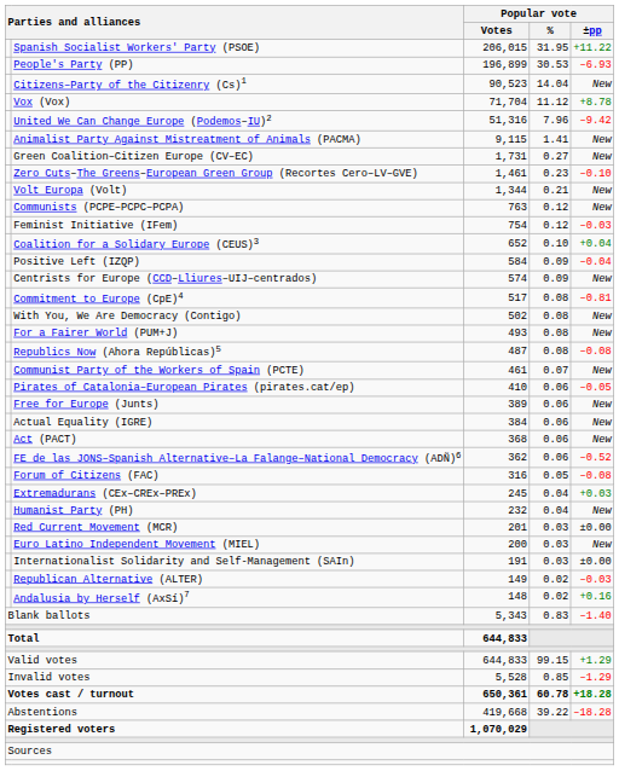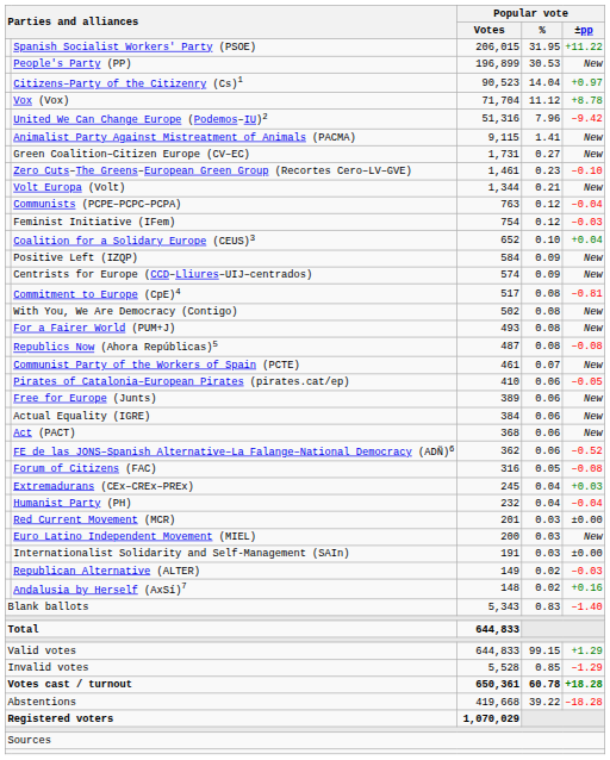 <table class="wikitable" style="text-align:right;">
 <tr>
 <th style="text-align:left;" rowspan="2" colspan="2" width="525">Parties and alliances</th>
 <th colspan="3">Popular vote</th>
 </tr>
 <tr>
 <th width="75">Votes</th>
 <th width="45">%</th>
 <th width="45">±<a href='#'>pp</a></th>
 </tr>
 <tr>
 <td width="1" style="color:inherit;background:"></td>
 <td align="left"><a href='#'>Spanish Socialist Workers' Party</a> (PSOE)</td>
 <td>206,015</td>
 <td>31.95</td>
 <td style="color:green;">+11.22</td>
 </tr>
 <tr>
 <td style="color:inherit;background:"></td>
 <td align="left"><a href='#'>People's Party</a> (PP)</td>
 <td>196,899</td>
 <td>30.53</td>
-<td style="color:red;">–6.93</td>
+<td><em>New</em></td>
 </tr>
 <tr>
 <td style="color:inherit;background:"></td>
 <td align="left"><a href='#'>Citizens–Party of the Citizenry</a> (Cs)<sup>1</sup></td>
 <td>90,523</td>
 <td>14.04</td>
-<td><em>New</em></td>
+<td style="color:green;">+0.97</td>
 </tr>
 <tr>
 <td style="color:inherit;background:"></td>
 <td align="left"><a href='#'>Vox</a> (Vox)</td>
 <td>71,704</td>
 <td>11.12</td>
 <td style="color:green;">+8.78</td>
 </tr>
 <tr>
 <td style="color:inherit;background:"></td>
 <td align="left"><a href='#'>United We Can Change Europe</a> (<a href='#'>Podemos</a>–<a href='#'>IU</a>)<sup>2</sup></td>
 <td>51,316</td>
 <td>7.96</td>
 <td style="color:red;">–9.42</td>
 </tr>
 <tr>
 <td style="color:inherit;background:"></td>
 <td align="left"><a href='#'>Animalist Party Against Mistreatment of Animals</a> (PACMA)</td>
 <td>9,115</td>
 <td>1.41</td>
 <td><em>New</em></td>
 </tr>
 <tr>
 <td style="color:inherit;background:"></td>
 <td align="left">Green Coalition–Citizen Europe (CV–EC)</td>
 <td>1,731</td>
 <td>0.27</td>
 <td><em>New</em></td>
 </tr>
 <tr>
 <td style="color:inherit;background:"></td>
 <td align="left"><a href='#'>Zero Cuts</a>–<a href='#'>The Greens</a>–<a href='#'>European Green Group</a> (Recortes Cero–LV–GVE)</td>
 <td>1,461</td>
 <td>0.23</td>
 <td style="color:red;">–0.10</td>
 </tr>
 <tr>
 <td style="color:inherit;background:"></td>
 <td align="left"><a href='#'>Volt Europa</a> (Volt)</td>
 <td>1,344</td>
 <td>0.21</td>
 <td><em>New</em></td>
 </tr>
 <tr>
 <td style="color:inherit;background:"></td>
 <td align="left"><a href='#'>Communists</a> (PCPE–PCPC–PCPA)</td>
 <td>763</td>
 <td>0.12</td>
-<td><em>New</em></td>
+<td style="color:red;">–0.04</td>
 </tr>
 <tr>
 <td style="color:inherit;background:"></td>
 <td align="left">Feminist Initiative (IFem)</td>
 <td>754</td>
 <td>0.12</td>
 <td style="color:red;">–0.03</td>
 </tr>
 <tr>
 <td style="color:inherit;background:"></td>
 <td align="left"><a href='#'>Coalition for a Solidary Europe</a> (CEUS)<sup>3</sup></td>
 <td>652</td>
 <td>0.10</td>
 <td style="color:green;">+0.04</td>
 </tr>
 <tr>
 <td style="color:inherit;background:"></td>
 <td align="left">Positive Left (IZQP)</td>
 <td>584</td>
 <td>0.09</td>
-<td style="color:red;">–0.04</td>
+<td><em>New</em></td>
 </tr>
 <tr>
 <td style="color:inherit;background:"></td>
 <td align="left">Centrists for Europe (<a href='#'>CCD</a>–<a href='#'>Lliures</a>–UIJ–centrados)</td>
 <td>574</td>
 <td>0.09</td>
 <td><em>New</em></td>
 </tr>
 <tr>
 <td style="color:inherit;background:"></td>
 <td align="left"><a href='#'>Commitment to Europe</a> (CpE)<sup>4</sup></td>
 <td>517</td>
 <td>0.08</td>
 <td style="color:red;">–0.81</td>
 </tr>
 <tr>
 <td style="color:inherit;background:"></td>
 <td align="left">With You, We Are Democracy (Contigo)</td>
 <td>502</td>
 <td>0.08</td>
 <td><em>New</em></td>
 </tr>
 <tr>
 <td style="color:inherit;background:"></td>
 <td align="left"><a href='#'>For a Fairer World</a> (PUM+J)</td>
 <td>493</td>
 <td>0.08</td>
 <td><em>New</em></td>
 </tr>
 <tr>
 <td style="color:inherit;background:"></td>
 <td align="left"><a href='#'>Republics Now</a> (Ahora Repúblicas)<sup>5</sup></td>
 <td>487</td>
 <td>0.08</td>
 <td style="color:red;">–0.08</td>
 </tr>
 <tr>
 <td style="color:inherit;background:"></td>
 <td align="left"><a href='#'>Communist Party of the Workers of Spain</a> (PCTE)</td>
 <td>461</td>
 <td>0.07</td>
 <td><em>New</em></td>
 </tr>
 <tr>
 <td style="color:inherit;background:"></td>
 <td align="left"><a href='#'>Pirates of Catalonia–European Pirates</a> (pirates.cat/ep)</td>
 <td>410</td>
 <td>0.06</td>
 <td style="color:red;">–0.05</td>
 </tr>
 <tr>
 <td style="color:inherit;background:"></td>
 <td align="left"><a href='#'>Free for Europe</a> (Junts)</td>
 <td>389</td>
 <td>0.06</td>
 <td><em>New</em></td>
 </tr>
 <tr>
 <td style="color:inherit;background:"></td>
 <td align="left">Actual Equality (IGRE)</td>
 <td>384</td>
 <td>0.06</td>
 <td><em>New</em></td>
 </tr>
 <tr>
 <td style="color:inherit;background:"></td>
 <td align="left"><a href='#'>Act</a> (PACT)</td>
 <td>368</td>
 <td>0.06</td>
 <td><em>New</em></td>
 </tr>
 <tr>
 <td style="color:inherit;background:"></td>
 <td align="left"><a href='#'>FE de las JONS–Spanish Alternative–La Falange–National Democracy</a> (ADÑ)<sup>6</sup></td>
 <td>362</td>
 <td>0.06</td>
 <td style="color:red;">–0.52</td>
 </tr>
 <tr>
 <td style="color:inherit;background:"></td>
 <td align="left"><a href='#'>Forum of Citizens</a> (FAC)</td>
 <td>316</td>
 <td>0.05</td>
 <td style="color:red;">–0.08</td>
 </tr>
 <tr>
 <td style="color:inherit;background:"></td>
 <td align="left"><a href='#'>Extremadurans</a> (CEx–CREx–PREx)</td>
 <td>245</td>
 <td>0.04</td>
 <td style="color:green;">+0.03</td>
 </tr>
 <tr>
 <td style="color:inherit;background:"></td>
 <td align="left"><a href='#'>Humanist Party</a> (PH)</td>
 <td>232</td>
 <td>0.04</td>
-<td><em>New</em></td>
+<td style="color:red;">–0.04</td>
 </tr>
 <tr>
 <td style="color:inherit;background:"></td>
 <td align="left"><a href='#'>Red Current Movement</a> (MCR)</td>
 <td>201</td>
 <td>0.03</td>
 <td>±0.00</td>
 </tr>
 <tr>
 <td style="color:inherit;background:"></td>
 <td align="left"><a href='#'>Euro Latino Independent Movement</a> (MIEL)</td>
 <td>200</td>
 <td>0.03</td>
 <td><em>New</em></td>
 </tr>
 <tr>
 <td style="color:inherit;background:"></td>
 <td align="left">Internationalist Solidarity and Self-Management (SAIn)</td>
 <td>191</td>
 <td>0.03</td>
 <td>±0.00</td>
 </tr>
 <tr>
 <td style="color:inherit;background:"></td>
 <td align="left"><a href='#'>Republican Alternative</a> (ALTER)</td>
 <td>149</td>
 <td>0.02</td>
 <td style="color:red;">–0.03</td>
 </tr>
 <tr>
 <td style="color:inherit;background:"></td>
 <td align="left"><a href='#'>Andalusia by Herself</a> (AxSí)<sup>7</sup></td>
 <td>148</td>
 <td>0.02</td>
 <td style="color:green;">+0.16</td>
 </tr>
 <tr>
 <td align="left" colspan="2">Blank ballots</td>
 <td>5,343</td>
 <td>0.83</td>
 <td style="color:red;">–1.40</td>
 </tr>
 <tr>
 <td colspan="5" bgcolor="#E9E9E9"></td>
 </tr>
 <tr style="font-weight:bold;">
 <td align="left" colspan="2">Total</td>
 <td>644,833</td>
 <td bgcolor="#E9E9E9" colspan="2"></td>
 </tr>
 <tr>
 <td colspan="5" bgcolor="#E9E9E9"></td>
 </tr>
 <tr>
 <td align="left" colspan="2">Valid votes</td>
 <td>644,833</td>
 <td>99.15</td>
 <td style="color:green;">+1.29</td>
 </tr>
 <tr>
 <td align="left" colspan="2">Invalid votes</td>
 <td>5,528</td>
 <td>0.85</td>
 <td style="color:red;">–1.29</td>
 </tr>
 <tr style="font-weight:bold;">
 <td align="left" colspan="2">Votes cast / turnout</td>
 <td>650,361</td>
 <td>60.78</td>
 <td style="color:green;">+18.28</td>
 </tr>
 <tr>
 <td align="left" colspan="2">Abstentions</td>
 <td>419,668</td>
 <td>39.22</td>
 <td style="color:red;">–18.28</td>
 </tr>
 <tr style="font-weight:bold;">
 <td align="left" colspan="2">Registered voters</td>
 <td>1,070,029</td>
 <td bgcolor="#E9E9E9" colspan="2"></td>
 </tr>
 <tr>
 <td colspan="5" bgcolor="#E9E9E9"></td>
 </tr>
 <tr>
 <td align="left" colspan="5">Sources</td>
 </tr>
 <tr>
 <td colspan="5" style="text-align:left; max-width:680px;"></td>
 </tr>
 </table>
